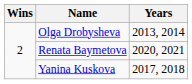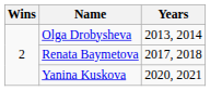 <table class="wikitable">
 <tr>
 <th>Wins</th>
 <th>Name</th>
 <th>Years</th>
 </tr>
 <tr>
 <td align=center rowspan=3>2</td>
 <td><a href='#'>Olga Drobysheva</a></td>
 <td align=left>2013, 2014</td>
 </tr>
 <tr>
 <td><a href='#'>Renata Baymetova</a></td>
-<td align=left>2020, 2021</td>
+<td align=left>2017, 2018</td>
 </tr>
 <tr>
 <td><a href='#'>Yanina Kuskova</a></td>
-<td align=left>2017, 2018</td>
+<td align=left>2020, 2021</td>
 </tr>
 </table>
